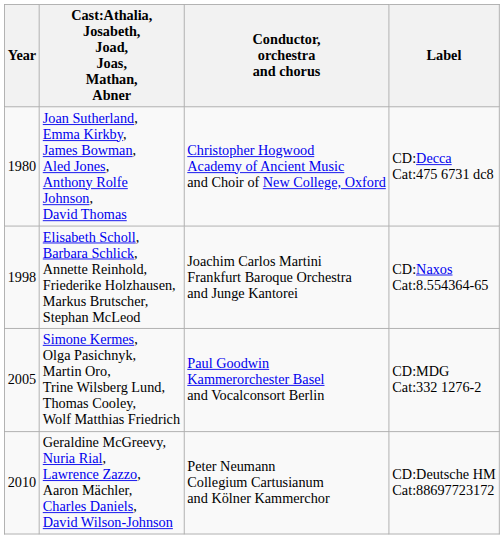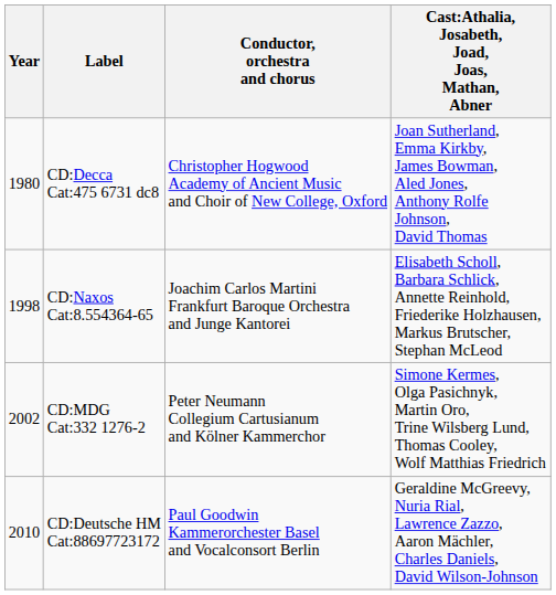 <table class="wikitable">
 <tr>
 <th>Year</th>
+<th>Label</th>
+<th>Conductor,<br>orchestra<br>and chorus</th>
 <th width="155">Cast:Athalia,<br>Josabeth,<br>Joad,<br>Joas,<br>Mathan,<br>Abner<br></th>
-<th>Conductor,<br>orchestra<br>and chorus</th>
-<th>Label</th>
 </tr>
 <tr>
 <td>1980</td>
+<td>CD:<a href='#'>Decca</a><br>Cat:475 6731 dc8</td>
+<td><a href='#'>Christopher Hogwood</a><br><a href='#'>Academy of Ancient Music</a><br>and Choir of <a href='#'>New College, Oxford</a></td>
 <td><a href='#'>Joan Sutherland</a>,<br><a href='#'>Emma Kirkby</a>,<br><a href='#'>James Bowman</a>,<br><a href='#'>Aled Jones</a>,<br><a href='#'>Anthony Rolfe Johnson</a>,<br><a href='#'>David Thomas</a><br></td>
-<td><a href='#'>Christopher Hogwood</a><br><a href='#'>Academy of Ancient Music</a><br>and Choir of <a href='#'>New College, Oxford</a></td>
-<td>CD:<a href='#'>Decca</a><br>Cat:475 6731 dc8</td>
 </tr>
 <tr>
 <td>1998</td>
+<td>CD:<a href='#'>Naxos</a><br>Cat:8.554364-65</td>
+<td>Joachim Carlos Martini<br>Frankfurt Baroque Orchestra<br> and Junge Kantorei</td>
 <td><a href='#'>Elisabeth Scholl</a>,<br><a href='#'>Barbara Schlick</a>,<br>Annette Reinhold,<br> Friederike Holzhausen,<br>Markus Brutscher,<br>Stephan McLeod<br></td>
-<td>Joachim Carlos Martini<br>Frankfurt Baroque Orchestra<br> and Junge Kantorei</td>
-<td>CD:<a href='#'>Naxos</a><br>Cat:8.554364-65</td>
 </tr>
 <tr>
-<td>2005</td>
+<td>2002</td>
+<td>CD:MDG<br>Cat:332 1276-2</td>
+<td>Peter Neumann<br>Collegium Cartusianum<br> and Kölner Kammerchor</td>
 <td><a href='#'>Simone Kermes</a>,<br>Olga Pasichnyk,<br>Martin Oro,<br>Trine Wilsberg Lund,<br>Thomas Cooley,<br>Wolf Matthias Friedrich<br></td>
-<td><a href='#'>Paul Goodwin</a><br><a href='#'>Kammerorchester Basel</a><br> and Vocalconsort Berlin</td>
-<td>CD:MDG<br>Cat:332 1276-2</td>
 </tr>
 <tr>
 <td>2010</td>
+<td>CD:Deutsche HM<br>Cat:88697723172</td>
+<td><a href='#'>Paul Goodwin</a><br><a href='#'>Kammerorchester Basel</a><br> and Vocalconsort Berlin</td>
 <td>Geraldine McGreevy,<br><a href='#'>Nuria Rial</a>,<br><a href='#'>Lawrence Zazzo</a>,<br> Aaron Mächler,<br><a href='#'>Charles Daniels</a>,<br><a href='#'>David Wilson-Johnson</a><br></td>
-<td>Peter Neumann<br>Collegium Cartusianum<br> and Kölner Kammerchor</td>
-<td>CD:Deutsche HM<br>Cat:88697723172</td>
 </tr>
 </table>
